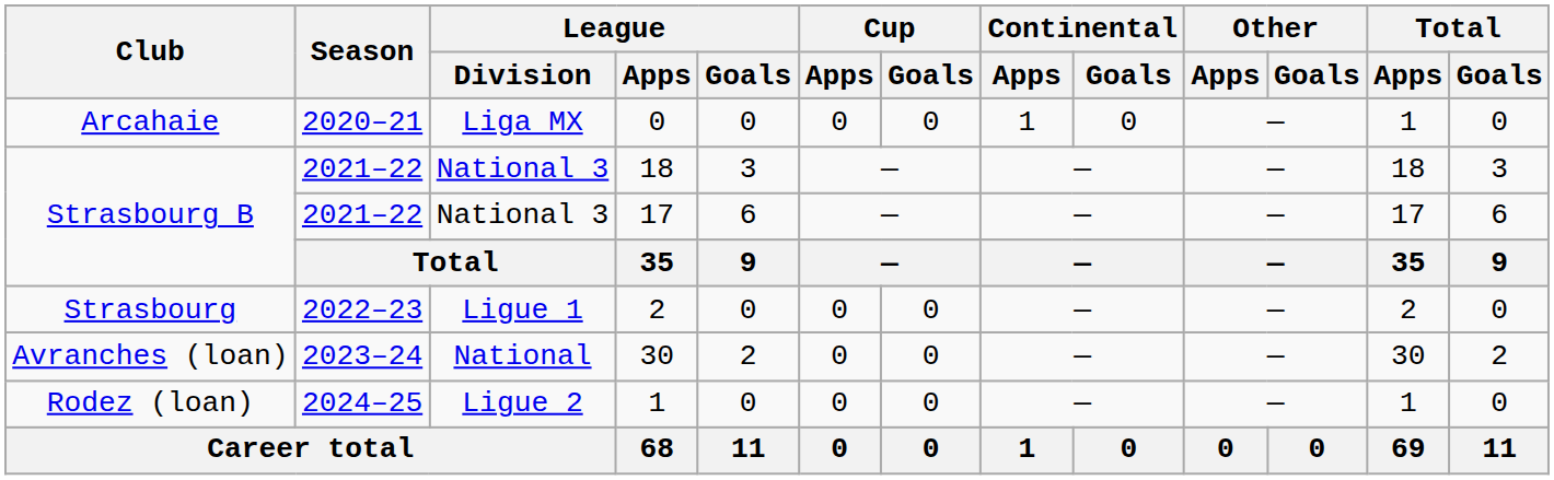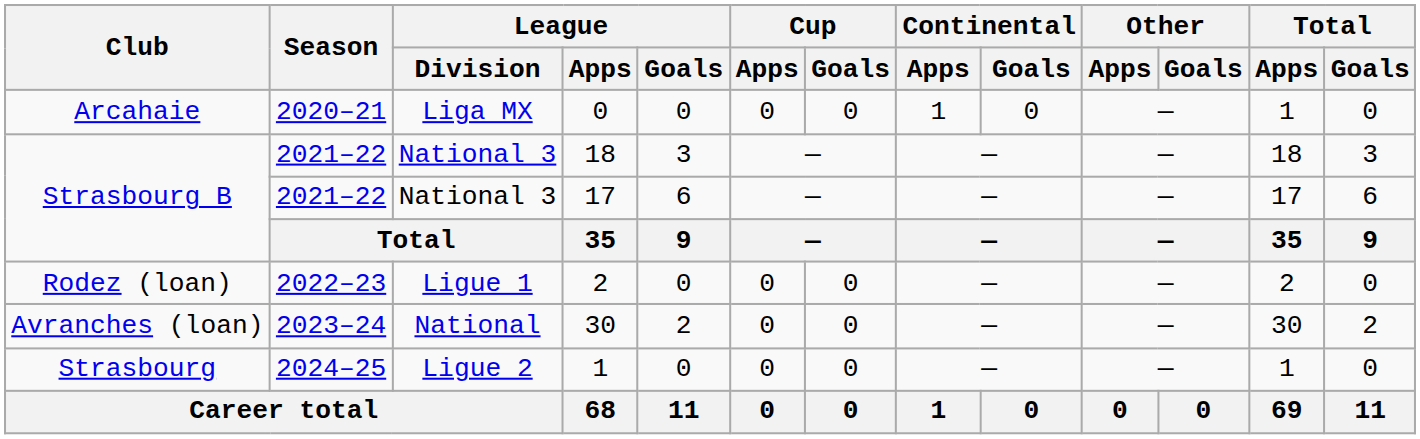 <table class="wikitable" style="text-align: center">
 <tr>
 <th rowspan="2">Club</th>
 <th rowspan="2">Season</th>
 <th colspan="3">League</th>
 <th colspan="2">Cup</th>
 <th colspan="2">Continental</th>
 <th colspan="2">Other</th>
 <th colspan="2">Total</th>
 </tr>
 <tr>
 <th>Division</th>
 <th>Apps</th>
 <th>Goals</th>
 <th>Apps</th>
 <th>Goals</th>
 <th>Apps</th>
 <th>Goals</th>
 <th>Apps</th>
 <th>Goals</th>
 <th>Apps</th>
 <th>Goals</th>
 </tr>
 <tr>
 <td><a href='#'>Arcahaie</a></td>
 <td><a href='#'>2020–21</a></td>
 <td><a href='#'>Liga MX</a></td>
 <td>0</td>
 <td>0</td>
 <td>0</td>
 <td>0</td>
 <td>1</td>
 <td>0</td>
 <td colspan="2">—</td>
 <td>1</td>
 <td>0</td>
 </tr>
 <tr>
 <td rowspan="3"><a href='#'>Strasbourg B</a></td>
 <td><a href='#'>2021–22</a></td>
 <td><a href='#'>National 3</a></td>
 <td>18</td>
 <td>3</td>
 <td colspan="2">—</td>
 <td colspan="2">—</td>
 <td colspan="2">—</td>
 <td>18</td>
 <td>3</td>
 </tr>
 <tr>
 <td><a href='#'>2021–22</a></td>
 <td>National 3</td>
 <td>17</td>
 <td>6</td>
 <td colspan="2">—</td>
 <td colspan="2">—</td>
 <td colspan="2">—</td>
 <td>17</td>
 <td>6</td>
 </tr>
 <tr>
 <th colspan="2">Total</th>
 <th>35</th>
 <th>9</th>
 <th colspan="2">—</th>
 <th colspan="2">—</th>
 <th colspan="2">—</th>
 <th>35</th>
 <th>9</th>
 </tr>
 <tr>
-<td><a href='#'>Strasbourg</a></td>
+<td><a href='#'>Rodez</a> (loan)</td>
 <td><a href='#'>2022–23</a></td>
 <td><a href='#'>Ligue 1</a></td>
 <td>2</td>
 <td>0</td>
 <td>0</td>
 <td>0</td>
 <td colspan="2">—</td>
 <td colspan="2">—</td>
 <td>2</td>
 <td>0</td>
 </tr>
 <tr>
 <td><a href='#'>Avranches</a> (loan)</td>
 <td><a href='#'>2023–24</a></td>
 <td><a href='#'>National</a></td>
 <td>30</td>
 <td>2</td>
 <td>0</td>
 <td>0</td>
 <td colspan="2">—</td>
 <td colspan="2">—</td>
 <td>30</td>
 <td>2</td>
 </tr>
 <tr>
-<td><a href='#'>Rodez</a> (loan)</td>
+<td><a href='#'>Strasbourg</a></td>
 <td><a href='#'>2024–25</a></td>
 <td><a href='#'>Ligue 2</a></td>
 <td>1</td>
 <td>0</td>
 <td>0</td>
 <td>0</td>
 <td colspan="2">—</td>
 <td colspan="2">—</td>
 <td>1</td>
 <td>0</td>
 </tr>
 <tr>
 <th colspan="3">Career total</th>
 <th>68</th>
 <th>11</th>
 <th>0</th>
 <th>0</th>
 <th>1</th>
 <th>0</th>
 <th>0</th>
 <th>0</th>
 <th>69</th>
 <th>11</th>
 </tr>
 </table>
